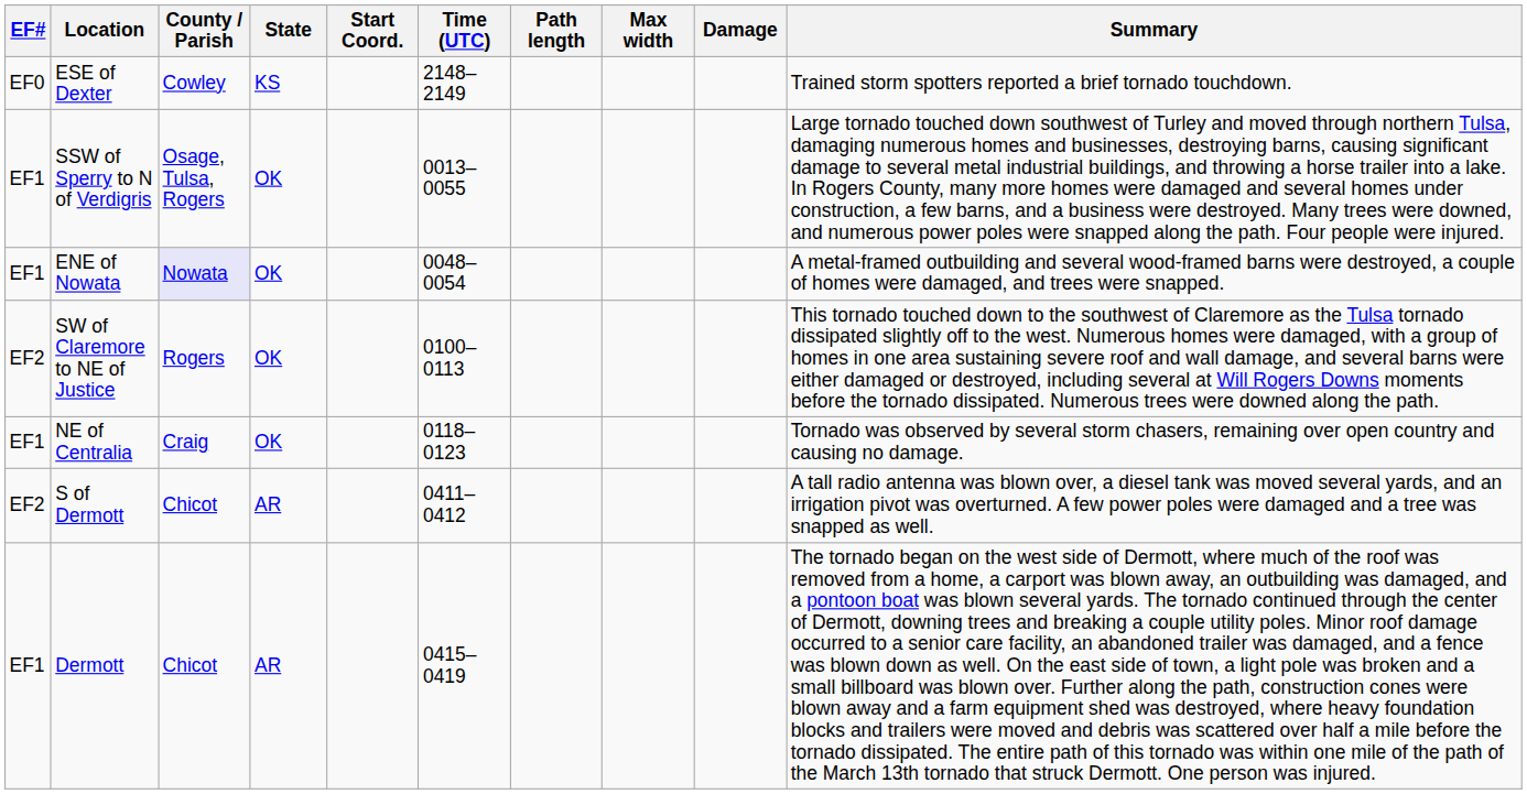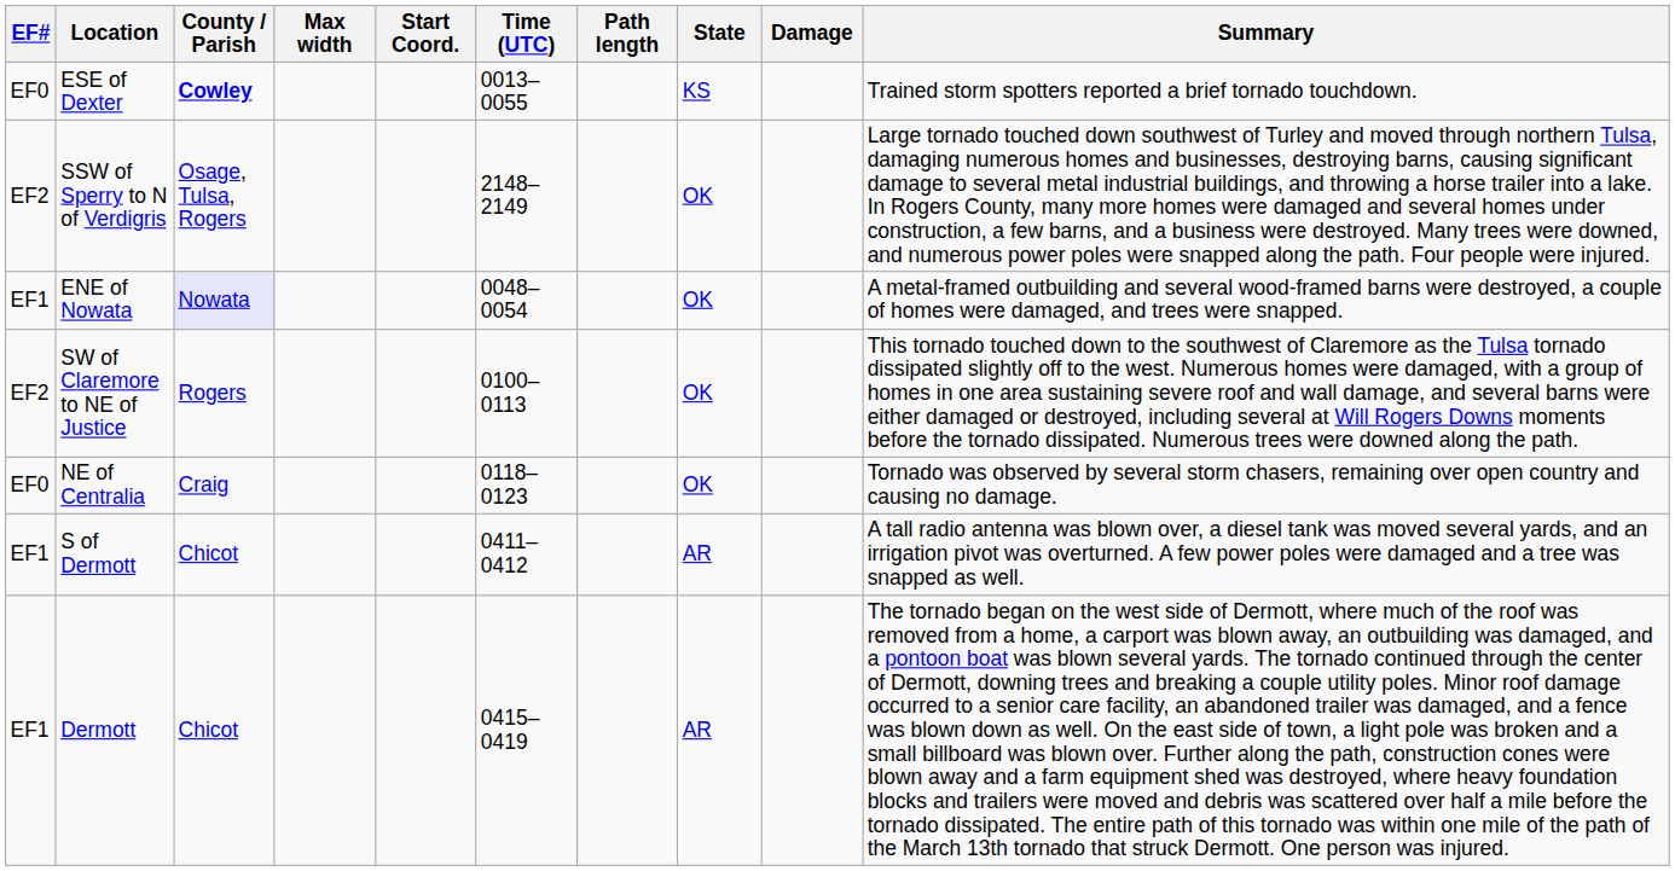 <table class="wikitable sortable" style="width:100%;">
 <tr>
 <th scope="col"  style="width:3%; text-align:center;"><a href='#'>EF#</a></th>
 <th scope="col"  style="width:7%; text-align:center;" class="unsortable">Location</th>
 <th scope="col"  style="width:6%; text-align:center;" class="unsortable">County / Parish</th>
-<th scope="col"  style="width:5%; text-align:center;">State</th>
+<th scope="col"  style="width:6%; text-align:center;">Max width</th>
 <th scope="col"  style="width:6%; text-align:center;">Start Coord.</th>
 <th scope="col"  style="width:6%; text-align:center;">Time (<a href='#'>UTC</a>)</th>
 <th scope="col"  style="width:6%; text-align:center;">Path length</th>
-<th scope="col"  style="width:6%; text-align:center;">Max width</th>
+<th scope="col"  style="width:5%; text-align:center;">State</th>
 <th scope="col"  style="width:6%; text-align:center;">Damage</th>
 <th scope="col" class="unsortable" style="width:48%; text-align:center;">Summary</th>
 </tr>
 <tr>
 <td>EF0</td>
 <td>ESE of <a href='#'>Dexter</a></td>
-<td><a href='#'>Cowley</a></td>
-<td><a href='#'>KS</a></td>
-<td></td>
-<td>2148–2149</td>
+<td><strong><a href='#'>Cowley</a></strong></td>
 <td></td>
 <td></td>
+<td>0013–0055</td>
+<td></td>
+<td><a href='#'>KS</a></td>
 <td></td>
 <td>Trained storm spotters reported a brief tornado touchdown.</td>
 </tr>
 <tr>
-<td>EF1</td>
+<td>EF2</td>
 <td>SSW of <a href='#'>Sperry</a> to N of <a href='#'>Verdigris</a></td>
 <td><a href='#'>Osage</a>, <a href='#'>Tulsa</a>, <a href='#'>Rogers</a></td>
-<td><a href='#'>OK</a></td>
-<td></td>
-<td>0013–0055</td>
 <td></td>
 <td></td>
+<td>2148–2149</td>
+<td></td>
+<td><a href='#'>OK</a></td>
 <td></td>
 <td>Large tornado touched down southwest of Turley and moved through northern <a href='#'>Tulsa</a>, damaging numerous homes and businesses, destroying barns, causing significant damage to several metal industrial buildings, and throwing a horse trailer  into a lake. In Rogers County, many more homes were damaged and several homes under construction, a few barns, and a business were destroyed. Many trees were downed, and numerous power poles were snapped along the path. Four people were injured.<br></td>
 </tr>
 <tr>
 <td>EF1</td>
 <td>ENE of <a href='#'>Nowata</a></td>
 <td style="background: lavender;"><a href='#'>Nowata</a></td>
-<td><a href='#'>OK</a></td>
+<td></td>
 <td></td>
 <td>0048–0054</td>
 <td></td>
-<td></td>
+<td><a href='#'>OK</a></td>
 <td></td>
 <td>A  metal-framed outbuilding and several wood-framed barns were destroyed, a couple of homes were damaged, and trees were snapped.</td>
 </tr>
 <tr>
 <td>EF2</td>
 <td>SW of <a href='#'>Claremore</a> to NE of <a href='#'>Justice</a></td>
 <td><a href='#'>Rogers</a></td>
-<td><a href='#'>OK</a></td>
+<td></td>
 <td></td>
 <td>0100–0113</td>
 <td></td>
-<td></td>
+<td><a href='#'>OK</a></td>
 <td></td>
 <td>This tornado touched down to the southwest of Claremore as the <a href='#'>Tulsa</a> tornado dissipated slightly off to the west. Numerous homes were damaged, with a group of homes in one area sustaining severe roof and wall damage, and several barns were either damaged or destroyed, including several at <a href='#'>Will Rogers Downs</a> moments before the tornado dissipated. Numerous trees were downed along the path.</td>
 </tr>
 <tr>
-<td>EF1</td>
+<td>EF0</td>
 <td>NE of <a href='#'>Centralia</a></td>
 <td><a href='#'>Craig</a></td>
-<td><a href='#'>OK</a></td>
+<td></td>
 <td></td>
 <td>0118–0123</td>
 <td></td>
-<td></td>
+<td><a href='#'>OK</a></td>
 <td></td>
 <td>Tornado was observed by several storm chasers, remaining over open country and causing no damage.</td>
 </tr>
 <tr>
-<td>EF2</td>
+<td>EF1</td>
 <td>S of <a href='#'>Dermott</a></td>
 <td><a href='#'>Chicot</a></td>
-<td><a href='#'>AR</a></td>
+<td></td>
 <td></td>
 <td>0411–0412</td>
 <td></td>
-<td></td>
+<td><a href='#'>AR</a></td>
 <td></td>
 <td>A  tall radio antenna was blown over, a diesel tank was moved several yards, and an irrigation pivot was overturned. A few power poles were damaged and a tree was snapped as well.</td>
 </tr>
 <tr>
 <td>EF1</td>
 <td><a href='#'>Dermott</a></td>
 <td><a href='#'>Chicot</a></td>
-<td><a href='#'>AR</a></td>
+<td></td>
 <td></td>
 <td>0415–0419</td>
 <td></td>
-<td></td>
+<td><a href='#'>AR</a></td>
 <td></td>
 <td>The tornado began on the west side of Dermott, where much of the roof was removed from a home, a carport was blown away, an outbuilding was damaged, and a <a href='#'>pontoon boat</a> was blown several yards. The tornado continued through the center of Dermott, downing trees and breaking a couple utility poles. Minor roof damage occurred to a senior care facility, an abandoned trailer was damaged, and a fence was blown down as well. On the east side of town, a light pole was broken and a small billboard was blown over. Further along the path, construction cones were blown away and a farm equipment shed was destroyed, where heavy foundation blocks and trailers were moved and debris was scattered over half a mile before the tornado dissipated. The entire path of this tornado was within one mile of the path of the March 13th tornado that struck Dermott. One person was injured.</td>
 </tr>
 </table>
